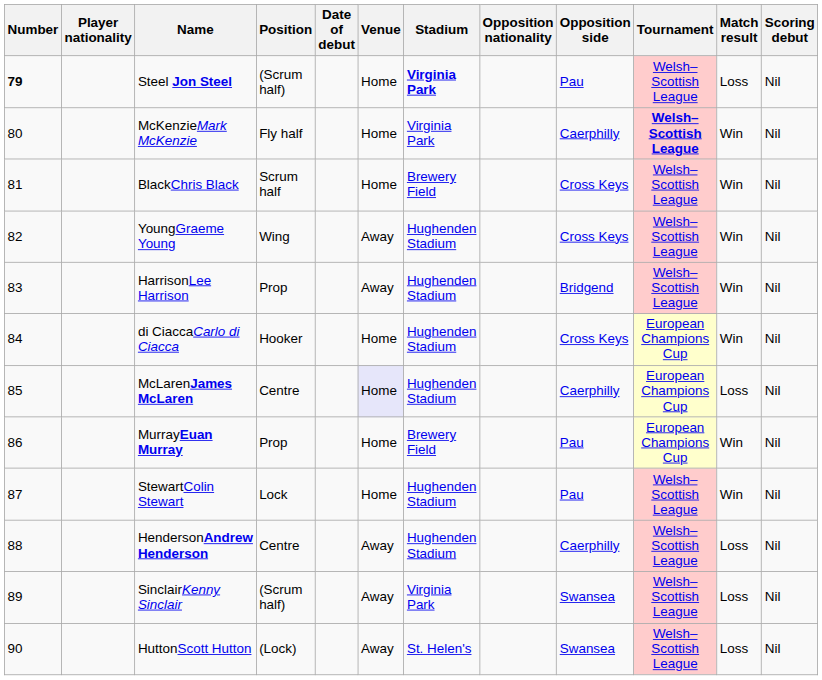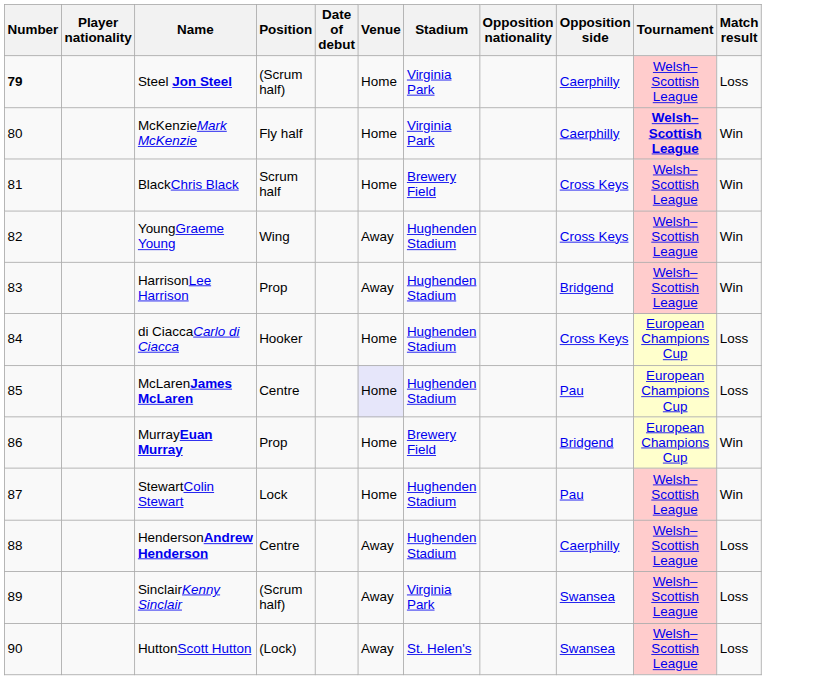 <table class="sortable wikitable">
 <tr>
 <th data-sort-type="number">Number</th>
 <th>Player nationality</th>
 <th>Name</th>
 <th>Position</th>
 <th>Date of debut</th>
 <th>Venue</th>
 <th>Stadium</th>
 <th>Opposition nationality</th>
 <th>Opposition side</th>
 <th>Tournament</th>
 <th>Match result</th>
-<th>Scoring debut</th>
 </tr>
 <tr>
 <td><strong>79</strong></td>
 <td style="text-align:center;"></td>
 <td><span>Steel </span><strong><a href='#'>Jon Steel</a></strong></td>
 <td>(Scrum half)</td>
 <td></td>
 <td>Home</td>
-<td><strong><a href='#'>Virginia Park</a></strong></td>
+<td><a href='#'>Virginia Park</a></td>
 <td style="text-align:center;"></td>
-<td><a href='#'>Pau</a></td>
+<td><a href='#'>Caerphilly</a></td>
 <td style="text-align:center; background:#FCC;"><a href='#'>Welsh–Scottish League</a></td>
 <td>Loss</td>
-<td>Nil</td>
 </tr>
 <tr>
 <td>80</td>
 <td style="text-align:center;"></td>
 <td><span>McKenzie</span><em><a href='#'>Mark McKenzie</a></em></td>
 <td>Fly half</td>
 <td></td>
 <td>Home</td>
 <td><a href='#'>Virginia Park</a></td>
 <td style="text-align:center;"></td>
 <td><a href='#'>Caerphilly</a></td>
 <td style="text-align:center; background:#FCC;"><strong><a href='#'>Welsh–Scottish League</a></strong></td>
 <td>Win</td>
-<td>Nil</td>
 </tr>
 <tr>
 <td>81</td>
 <td style="text-align:center;"></td>
 <td><span>Black</span><a href='#'>Chris Black</a></td>
 <td>Scrum half</td>
 <td></td>
 <td>Home</td>
 <td><a href='#'>Brewery Field</a></td>
 <td style="text-align:center;"></td>
 <td><a href='#'>Cross Keys</a></td>
 <td style="text-align:center; background:#FCC;"><a href='#'>Welsh–Scottish League</a></td>
 <td>Win</td>
-<td>Nil</td>
 </tr>
 <tr>
 <td>82</td>
 <td style="text-align:center;"></td>
 <td><span>Young</span><a href='#'>Graeme Young</a></td>
 <td>Wing</td>
 <td></td>
 <td>Away</td>
 <td><a href='#'>Hughenden Stadium</a></td>
 <td style="text-align:center;"></td>
 <td><a href='#'>Cross Keys</a></td>
 <td style="text-align:center; background:#FCC;"><a href='#'>Welsh–Scottish League</a></td>
 <td>Win</td>
-<td>Nil</td>
 </tr>
 <tr>
 <td>83</td>
 <td style="text-align:center;"></td>
 <td><span>Harrison</span><a href='#'>Lee Harrison</a></td>
 <td>Prop</td>
 <td></td>
 <td>Away</td>
 <td><a href='#'>Hughenden Stadium</a></td>
 <td style="text-align:center;"></td>
 <td><a href='#'>Bridgend</a></td>
 <td style="text-align:center; background:#FCC;"><a href='#'>Welsh–Scottish League</a></td>
 <td>Win</td>
-<td>Nil</td>
 </tr>
 <tr>
 <td>84</td>
 <td style="text-align:center;"></td>
 <td><span>di Ciacca</span><em><a href='#'>Carlo di Ciacca</a></em></td>
 <td>Hooker</td>
 <td></td>
 <td>Home</td>
 <td><a href='#'>Hughenden Stadium</a></td>
 <td style="text-align:center;"></td>
 <td><a href='#'>Cross Keys</a></td>
 <td style="text-align:center; background:#ffffcc;"><a href='#'>European Champions Cup</a></td>
-<td>Win</td>
-<td>Nil</td>
+<td>Loss</td>
 </tr>
 <tr>
 <td>85</td>
 <td style="text-align:center;"></td>
 <td><span>McLaren</span><strong><a href='#'>James McLaren</a></strong></td>
 <td>Centre</td>
 <td></td>
 <td style="background: lavender;">Home</td>
 <td><a href='#'>Hughenden Stadium</a></td>
 <td style="text-align:center;"></td>
-<td><a href='#'>Caerphilly</a></td>
+<td><a href='#'>Pau</a></td>
 <td style="text-align:center; background:#ffffcc;"><a href='#'>European Champions Cup</a></td>
 <td>Loss</td>
-<td>Nil</td>
 </tr>
 <tr>
 <td>86</td>
 <td style="text-align:center;"></td>
 <td><span>Murray</span><strong><a href='#'>Euan Murray</a></strong></td>
 <td>Prop</td>
 <td></td>
 <td>Home</td>
 <td><a href='#'>Brewery Field</a></td>
 <td style="text-align:center;"></td>
-<td><a href='#'>Pau</a></td>
+<td><a href='#'>Bridgend</a></td>
 <td style="text-align:center; background:#ffffcc;"><a href='#'>European Champions Cup</a></td>
 <td>Win</td>
-<td>Nil</td>
 </tr>
 <tr>
 <td>87</td>
 <td style="text-align:center;"></td>
 <td><span>Stewart</span><a href='#'>Colin Stewart</a></td>
 <td>Lock</td>
 <td></td>
 <td>Home</td>
 <td><a href='#'>Hughenden Stadium</a></td>
 <td style="text-align:center;"></td>
 <td><a href='#'>Pau</a></td>
 <td style="text-align:center; background:#FCC;"><a href='#'>Welsh–Scottish League</a></td>
 <td>Win</td>
-<td>Nil</td>
 </tr>
 <tr>
 <td>88</td>
 <td style="text-align:center;"></td>
 <td><span>Henderson</span><strong><a href='#'>Andrew Henderson</a></strong></td>
 <td>Centre</td>
 <td></td>
 <td>Away</td>
 <td><a href='#'>Hughenden Stadium</a></td>
 <td style="text-align:center;"></td>
 <td><a href='#'>Caerphilly</a></td>
 <td style="text-align:center; background:#FCC;"><a href='#'>Welsh–Scottish League</a></td>
 <td>Loss</td>
-<td>Nil</td>
 </tr>
 <tr>
 <td>89</td>
 <td style="text-align:center;"></td>
 <td><span>Sinclair</span><em><a href='#'>Kenny Sinclair</a></em></td>
 <td>(Scrum half)</td>
 <td></td>
 <td>Away</td>
 <td><a href='#'>Virginia Park</a></td>
 <td style="text-align:center;"></td>
 <td><a href='#'>Swansea</a></td>
 <td style="text-align:center; background:#FCC;"><a href='#'>Welsh–Scottish League</a></td>
 <td>Loss</td>
-<td>Nil</td>
 </tr>
 <tr>
 <td>90</td>
 <td style="text-align:center;"></td>
 <td><span>Hutton</span><a href='#'>Scott Hutton</a></td>
 <td>(Lock)</td>
 <td></td>
 <td>Away</td>
 <td><a href='#'>St. Helen's</a></td>
 <td style="text-align:center;"></td>
 <td><a href='#'>Swansea</a></td>
 <td style="text-align:center; background:#FCC;"><a href='#'>Welsh–Scottish League</a></td>
 <td>Loss</td>
-<td>Nil</td>
 </tr>
 </table>
